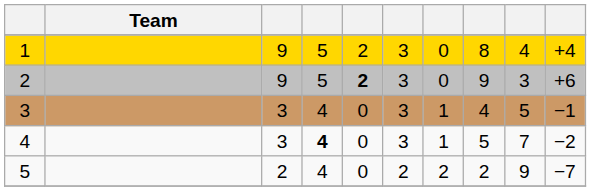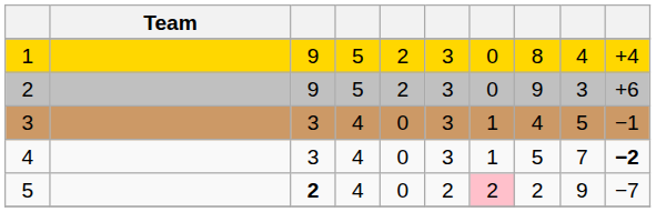 <table class="wikitable" style="font-size:95%;text-align:center">
 <tr>
 <th width=25></th>
 <th width=165>Team</th>
 <th width=25></th>
 <th width=25></th>
 <th width=25></th>
 <th width=25></th>
 <th width=25></th>
 <th width=25></th>
 <th width=25></th>
 <th width=25></th>
 </tr>
 <tr>
 </tr>
 <tr style="background:gold">
 <td>1</td>
 <td style="text-align:left"></td>
 <td>9</td>
 <td>5</td>
 <td>2</td>
 <td>3</td>
 <td>0</td>
 <td>8</td>
 <td>4</td>
 <td>+4</td>
 </tr>
 <tr style="background:silver">
 <td>2</td>
 <td style="text-align:left"></td>
 <td>9</td>
 <td>5</td>
-<td><strong>2</strong></td>
+<td>2</td>
 <td>3</td>
 <td>0</td>
 <td>9</td>
 <td>3</td>
 <td>+6</td>
 </tr>
 <tr style="background:#c96">
 <td>3</td>
 <td style="text-align:left"></td>
 <td>3</td>
 <td>4</td>
 <td>0</td>
 <td>3</td>
 <td>1</td>
 <td>4</td>
 <td>5</td>
 <td>−1</td>
 </tr>
 <tr>
 <td>4</td>
 <td style="text-align:left"></td>
 <td>3</td>
-<td><strong>4</strong></td>
+<td>4</td>
 <td>0</td>
 <td>3</td>
 <td>1</td>
 <td>5</td>
 <td>7</td>
-<td>−2</td>
+<td><strong>−2</strong></td>
 </tr>
 <tr>
 <td>5</td>
 <td style="text-align:left"></td>
-<td>2</td>
+<td><strong>2</strong></td>
 <td>4</td>
 <td>0</td>
 <td>2</td>
-<td>2</td>
+<td style="background: pink;">2</td>
 <td>2</td>
 <td>9</td>
 <td>−7</td>
 </tr>
 <tr>
 </tr>
 </table>
